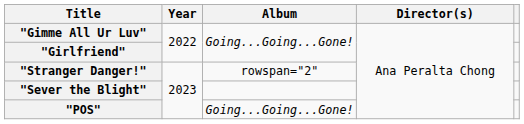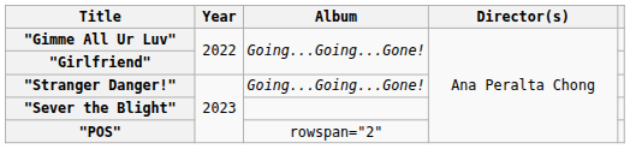 <table class="wikitable plainrowheaders" style="text-align:center;">
 <tr>
 <th scope="col" style="width:13em;">Title</th>
 <th scope="col" style="width:03em;">Year</th>
 <th scope="col" style="width:05em;">Album</th>
 <th scope="col" style="width:13em;">Director(s)</th>
 <th></th>
 </tr>
 <tr>
 <th scope="row">"Gimme All Ur Luv"</th>
 <td rowspan="2">2022</td>
 <td rowspan="2"><em>Going...Going...Gone!</em></td>
 <td rowspan="5">Ana Peralta Chong</td>
 <td></td>
 </tr>
 <tr>
 <th scope="row">"Girlfriend"</th>
 <td></td>
 </tr>
 <tr>
 <th scope="row">"Stranger Danger!"</th>
 <td rowspan="3">2023</td>
-<td>rowspan="2"  </td>
+<td><em>Going...Going...Gone!</em></td>
 <td></td>
 </tr>
 <tr>
 <th scope="row">"Sever the Blight"</th>
 <td></td>
 </tr>
 <tr>
 <th scope="row">"POS"</th>
-<td><em>Going...Going...Gone!</em></td>
+<td>rowspan="2"  </td>
 <td></td>
 </tr>
 </table>
